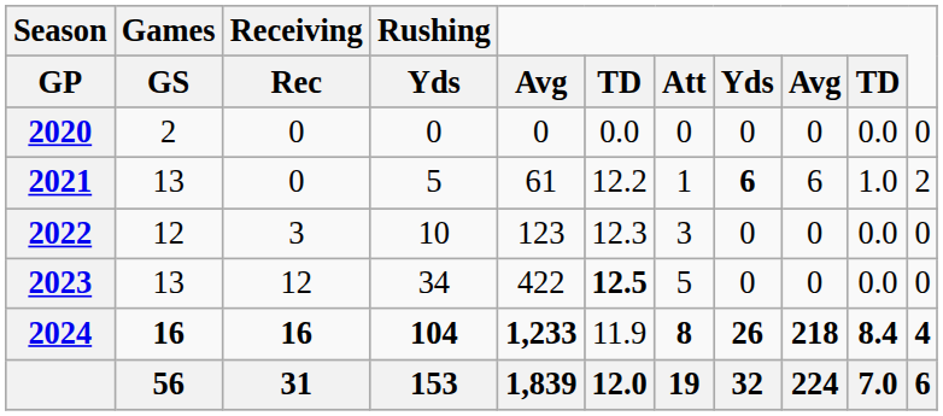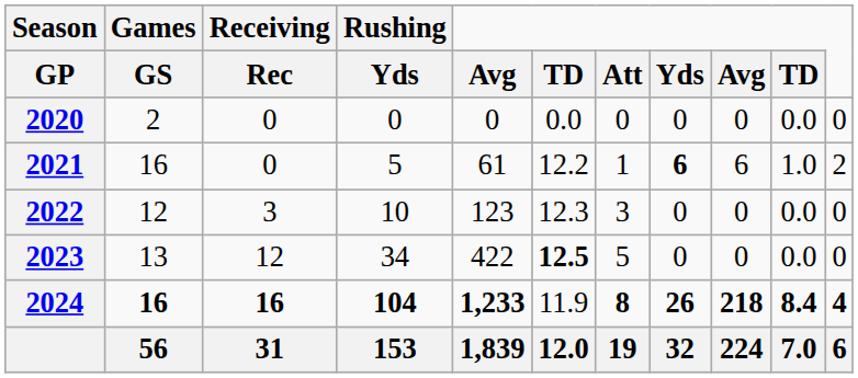 <table class="wikitable" style="text-align:center;">
 <tr>
 <th>Season</th>
 <th>Games</th>
 <th>Receiving</th>
 <th>Rushing</th>
 </tr>
 <tr>
 <th>GP</th>
 <th>GS</th>
 <th>Rec</th>
 <th>Yds</th>
 <th>Avg</th>
 <th>TD</th>
 <th>Att</th>
 <th>Yds</th>
 <th>Avg</th>
 <th>TD</th>
 </tr>
 <tr>
 <th><a href='#'>2020</a></th>
 <td>2</td>
 <td>0</td>
 <td>0</td>
 <td>0</td>
 <td>0.0</td>
 <td>0</td>
 <td>0</td>
 <td>0</td>
 <td>0.0</td>
 <td>0</td>
 </tr>
 <tr>
 <th><a href='#'>2021</a></th>
-<td>13</td>
+<td>16</td>
 <td>0</td>
 <td>5</td>
 <td>61</td>
 <td>12.2</td>
 <td>1</td>
 <td><strong>6</strong></td>
 <td>6</td>
 <td>1.0</td>
 <td>2</td>
 </tr>
 <tr>
 <th><a href='#'>2022</a></th>
 <td>12</td>
 <td>3</td>
 <td>10</td>
 <td>123</td>
 <td>12.3</td>
 <td>3</td>
 <td>0</td>
 <td>0</td>
 <td>0.0</td>
 <td>0</td>
 </tr>
 <tr>
 <th><a href='#'>2023</a></th>
 <td>13</td>
 <td>12</td>
 <td>34</td>
 <td>422</td>
 <td><strong>12.5</strong></td>
 <td>5</td>
 <td>0</td>
 <td>0</td>
 <td>0.0</td>
 <td>0</td>
 </tr>
 <tr>
 <th><a href='#'>2024</a></th>
 <td><strong>16</strong></td>
 <td><strong>16</strong></td>
 <td><strong>104</strong></td>
 <td><strong>1,233</strong></td>
 <td>11.9</td>
 <td><strong>8</strong></td>
 <td><strong>26</strong></td>
 <td><strong>218</strong></td>
 <td><strong>8.4</strong></td>
 <td><strong>4</strong></td>
 </tr>
 <tr>
 <th></th>
 <th>56</th>
 <th>31</th>
 <th>153</th>
 <th>1,839</th>
 <th>12.0</th>
 <th>19</th>
 <th>32</th>
 <th>224</th>
 <th>7.0</th>
 <th>6</th>
 </tr>
 </table>
